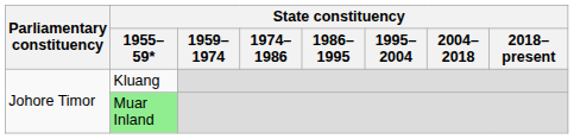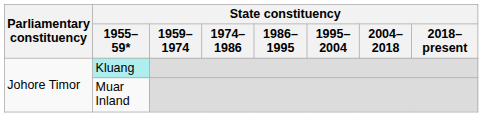 <table class="wikitable">
 <tr>
 <th rowspan="2">Parliamentary<br>constituency</th>
 <th colspan="7">State constituency</th>
 </tr>
 <tr>
 <th>1955–59*</th>
 <th>1959–1974</th>
 <th>1974–1986</th>
 <th>1986–1995</th>
 <th>1995–2004</th>
 <th>2004–2018</th>
 <th>2018–present</th>
 </tr>
 <tr>
 <td rowspan="2">Johore Timor</td>
-<td>Kluang</td>
+<td style="background: paleturquoise;">Kluang</td>
 <td colspan="6" bgcolor="dcdcdc"></td>
 </tr>
 <tr>
-<td style="background: lightgreen;">Muar Inland</td>
+<td>Muar Inland</td>
 <td colspan="6" bgcolor="dcdcdc"></td>
 </tr>
 </table>
